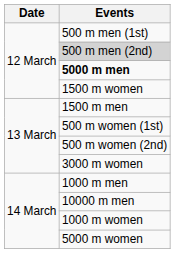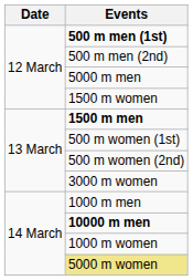 <table class="wikitable" border="1">
 <tr>
 <th>Date</th>
 <th>Events</th>
 </tr>
 <tr>
 <td rowspan=4>12 March</td>
-<td>500 m men (1st)</td>
+<td><strong>500 m men (1st)</strong></td>
 </tr>
 <tr>
-<td style="background: lightgrey;">500 m men (2nd)</td>
+<td>500 m men (2nd)</td>
 </tr>
 <tr>
-<td><strong>5000 m men</strong></td>
+<td>5000 m men</td>
 </tr>
 <tr>
 <td>1500 m women</td>
 </tr>
 <tr>
 <td rowspan=4>13 March</td>
-<td>1500 m men</td>
+<td><strong>1500 m men</strong></td>
 </tr>
 <tr>
 <td>500 m women (1st)</td>
 </tr>
 <tr>
 <td>500 m women (2nd)</td>
 </tr>
 <tr>
 <td>3000 m women</td>
 </tr>
 <tr>
 <td rowspan=4>14 March</td>
 <td>1000 m men</td>
 </tr>
 <tr>
-<td>10000 m men</td>
+<td><strong>10000 m men</strong></td>
 </tr>
 <tr>
 <td>1000 m women</td>
 </tr>
 <tr>
-<td>5000 m women</td>
+<td style="background: khaki;">5000 m women</td>
 </tr>
 </table>
